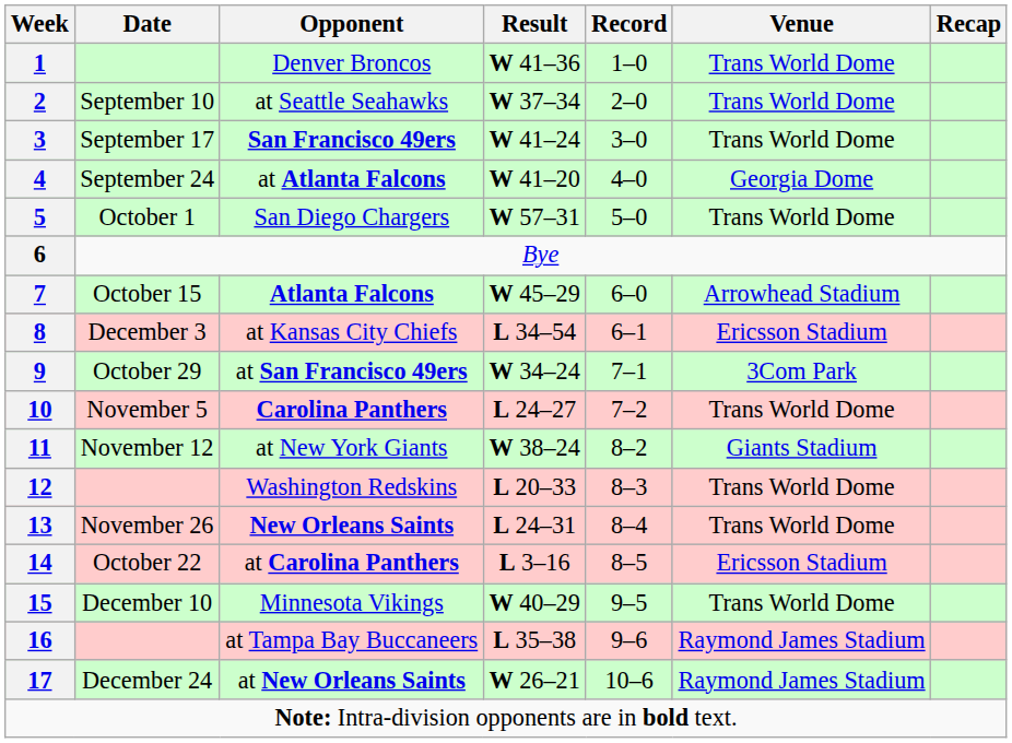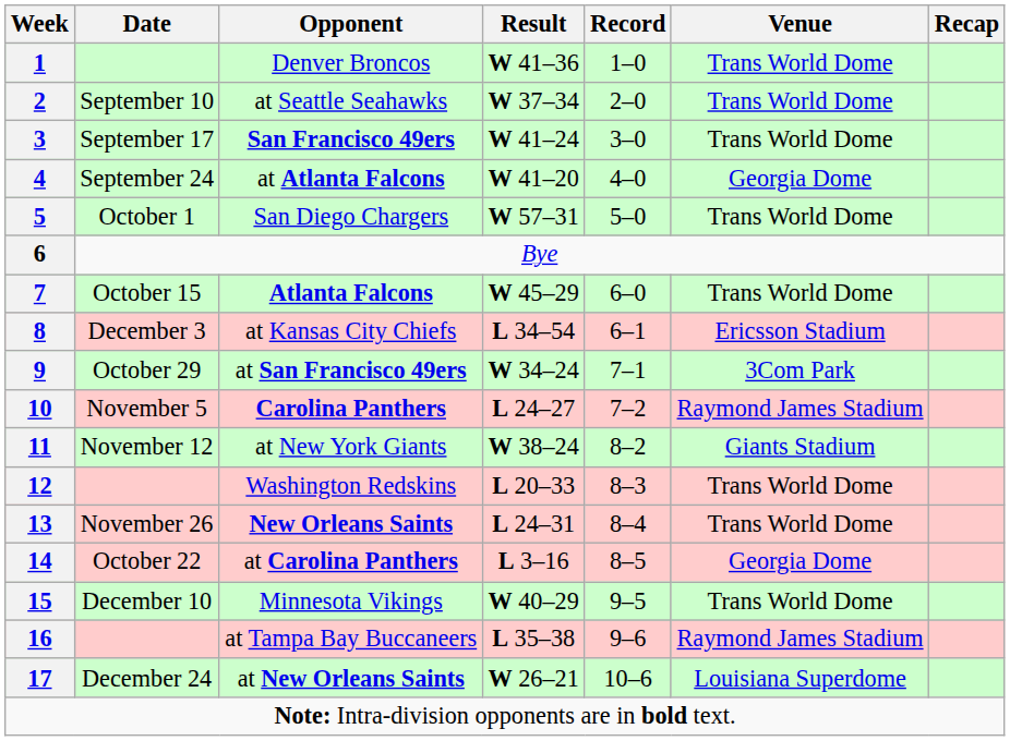 <table class="wikitable" style="text-align:center">
 <tr>
 <th>Week</th>
 <th>Date</th>
 <th>Opponent</th>
 <th>Result</th>
 <th>Record</th>
 <th>Venue</th>
 <th>Recap</th>
 </tr>
 <tr style="background:#cfc">
 <th><a href='#'>1</a></th>
 <td></td>
 <td><a href='#'>Denver Broncos</a></td>
 <td><strong>W</strong> 41–36</td>
 <td>1–0</td>
 <td><a href='#'>Trans World Dome</a></td>
 <td></td>
 </tr>
 <tr style="background:#cfc">
 <th><a href='#'>2</a></th>
 <td>September 10</td>
 <td>at <a href='#'>Seattle Seahawks</a></td>
 <td><strong>W</strong> 37–34</td>
 <td>2–0</td>
 <td><a href='#'>Trans World Dome</a></td>
 <td></td>
 </tr>
 <tr style="background:#cfc">
 <th><a href='#'>3</a></th>
 <td>September 17</td>
 <td><strong><a href='#'>San Francisco 49ers</a></strong></td>
 <td><strong>W</strong> 41–24</td>
 <td>3–0</td>
 <td>Trans World Dome</td>
 <td></td>
 </tr>
 <tr style="background:#cfc">
 <th><a href='#'>4</a></th>
 <td>September 24</td>
 <td>at <strong><a href='#'>Atlanta Falcons</a></strong></td>
 <td><strong>W</strong> 41–20</td>
 <td>4–0</td>
 <td><a href='#'>Georgia Dome</a></td>
 <td></td>
 </tr>
 <tr style="background:#cfc">
 <th><a href='#'>5</a></th>
 <td>October 1</td>
 <td><a href='#'>San Diego Chargers</a></td>
 <td><strong>W</strong> 57–31</td>
 <td>5–0</td>
 <td>Trans World Dome</td>
 <td></td>
 </tr>
 <tr>
 <th>6</th>
 <td colspan=8><em><a href='#'>Bye</a></em></td>
 </tr>
 <tr style="background:#cfc">
 <th><a href='#'>7</a></th>
 <td>October 15</td>
 <td><strong><a href='#'>Atlanta Falcons</a></strong></td>
 <td><strong>W</strong> 45–29</td>
 <td>6–0</td>
-<td><a href='#'>Arrowhead Stadium</a></td>
+<td>Trans World Dome</td>
 <td></td>
 </tr>
 <tr style="background:#fcc">
 <th><a href='#'>8</a></th>
 <td>December 3</td>
 <td>at <a href='#'>Kansas City Chiefs</a></td>
 <td><strong>L</strong> 34–54</td>
 <td>6–1</td>
 <td><a href='#'>Ericsson Stadium</a></td>
 <td></td>
 </tr>
 <tr style="background:#cfc">
 <th><a href='#'>9</a></th>
 <td>October 29</td>
 <td>at <strong><a href='#'>San Francisco 49ers</a></strong></td>
 <td><strong>W</strong> 34–24</td>
 <td>7–1</td>
 <td><a href='#'>3Com Park</a></td>
 <td></td>
 </tr>
 <tr style="background: #fcc" align="center">
 <th><a href='#'>10</a></th>
 <td>November 5</td>
 <td><strong><a href='#'>Carolina Panthers</a></strong></td>
 <td><strong>L</strong> 24–27</td>
 <td>7–2</td>
-<td>Trans World Dome</td>
+<td><a href='#'>Raymond James Stadium</a></td>
 <td></td>
 </tr>
 <tr style="background:#cfc">
 <th><a href='#'>11</a></th>
 <td>November 12</td>
 <td>at <a href='#'>New York Giants</a></td>
 <td><strong>W</strong> 38–24</td>
 <td>8–2</td>
 <td><a href='#'>Giants Stadium</a></td>
 <td></td>
 </tr>
 <tr style="background:#fcc">
 <th><a href='#'>12</a></th>
 <td></td>
 <td><a href='#'>Washington Redskins</a></td>
 <td><strong>L</strong> 20–33</td>
 <td>8–3</td>
 <td>Trans World Dome</td>
 <td></td>
 </tr>
 <tr style="background:#fcc">
 <th><a href='#'>13</a></th>
 <td>November 26</td>
 <td><strong><a href='#'>New Orleans Saints</a></strong></td>
 <td><strong>L</strong> 24–31</td>
 <td>8–4</td>
 <td>Trans World Dome</td>
 <td></td>
 </tr>
 <tr style="background:#fcc">
 <th><a href='#'>14</a></th>
 <td>October 22</td>
 <td>at <strong><a href='#'>Carolina Panthers</a></strong></td>
 <td><strong>L</strong> 3–16</td>
 <td>8–5</td>
-<td><a href='#'>Ericsson Stadium</a></td>
+<td><a href='#'>Georgia Dome</a></td>
 <td></td>
 </tr>
 <tr style="background:#cfc">
 <th><a href='#'>15</a></th>
 <td>December 10</td>
 <td><a href='#'>Minnesota Vikings</a></td>
 <td><strong>W</strong> 40–29</td>
 <td>9–5</td>
 <td>Trans World Dome</td>
 <td></td>
 </tr>
 <tr style="background:#fcc">
 <th><a href='#'>16</a></th>
 <td></td>
 <td>at <a href='#'>Tampa Bay Buccaneers</a></td>
 <td><strong>L</strong> 35–38</td>
 <td>9–6</td>
 <td><a href='#'>Raymond James Stadium</a></td>
 <td></td>
 </tr>
 <tr style="background:#cfc">
 <th><a href='#'>17</a></th>
 <td>December 24</td>
 <td>at <strong><a href='#'>New Orleans Saints</a></strong></td>
 <td><strong>W</strong> 26–21</td>
 <td>10–6</td>
-<td><a href='#'>Raymond James Stadium</a></td>
+<td><a href='#'>Louisiana Superdome</a></td>
 <td></td>
 </tr>
 <tr>
 <td colspan="8"><strong>Note:</strong> Intra-division opponents are in <strong>bold</strong> text.</td>
 </tr>
 </table>
